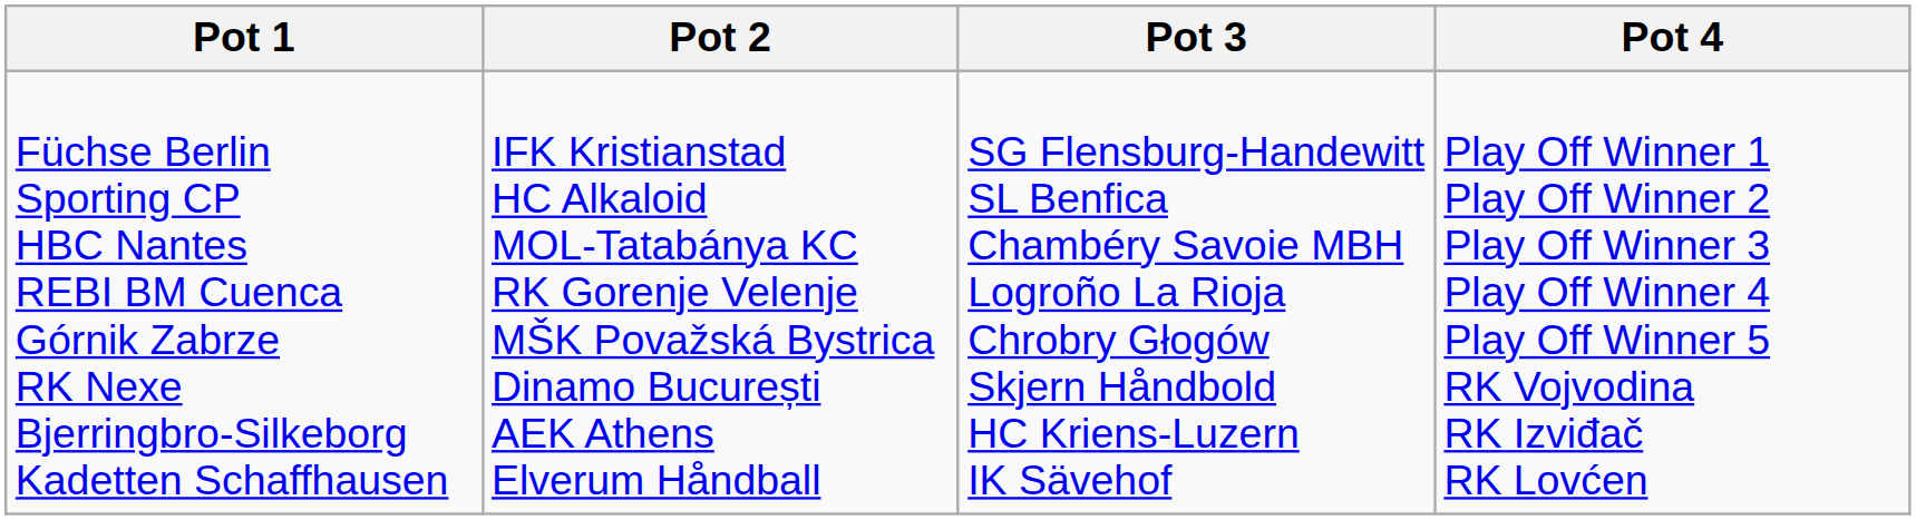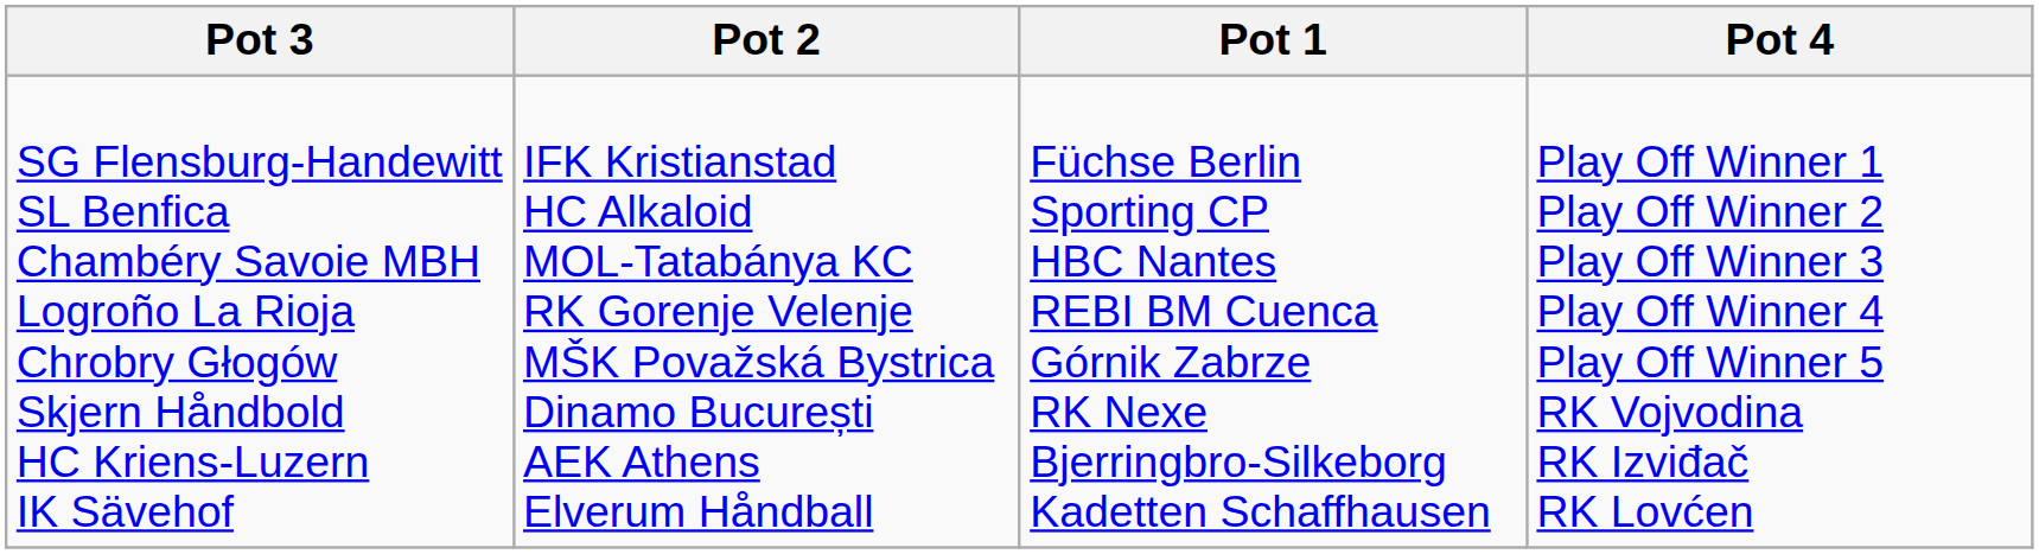 <table class="wikitable">
 <tr>
+<th width=25%>Pot 3</th>
+<th width=25%>Pot 2</th>
 <th width=25%>Pot 1</th>
-<th width=25%>Pot 2</th>
-<th width=25%>Pot 3</th>
 <th width=25%>Pot 4</th>
 </tr>
 <tr>
+<td><br> <a href='#'>SG Flensburg-Handewitt</a><br>  <a href='#'>SL Benfica</a><br>  <a href='#'>Chambéry Savoie MBH</a><br>  <a href='#'>Logroño La Rioja</a><br>  <a href='#'>Chrobry Głogów</a><br>  <a href='#'>Skjern Håndbold</a><br>  <a href='#'>HC Kriens-Luzern</a><br>  <a href='#'>IK Sävehof</a></td>
+<td><br> <a href='#'>IFK Kristianstad</a><br>  <a href='#'>HC Alkaloid</a><br>  <a href='#'>MOL-Tatabánya KC</a><br>  <a href='#'>RK Gorenje Velenje</a><br>  <a href='#'>MŠK Považská Bystrica</a><br>  <a href='#'>Dinamo București</a> <br>  <a href='#'>AEK Athens</a><br>  <a href='#'>Elverum Håndball</a></td>
 <td><br> <a href='#'>Füchse Berlin</a><br>  <a href='#'>Sporting CP</a><br>  <a href='#'>HBC Nantes</a><br>  <a href='#'>REBI BM Cuenca</a><br>  <a href='#'>Górnik Zabrze</a><br>  <a href='#'>RK Nexe</a><br>  <a href='#'>Bjerringbro-Silkeborg</a><br>  <a href='#'>Kadetten Schaffhausen</a></td>
-<td><br> <a href='#'>IFK Kristianstad</a><br>  <a href='#'>HC Alkaloid</a><br>  <a href='#'>MOL-Tatabánya KC</a><br>  <a href='#'>RK Gorenje Velenje</a><br>  <a href='#'>MŠK Považská Bystrica</a><br>  <a href='#'>Dinamo București</a> <br>  <a href='#'>AEK Athens</a><br>  <a href='#'>Elverum Håndball</a></td>
-<td><br> <a href='#'>SG Flensburg-Handewitt</a><br>  <a href='#'>SL Benfica</a><br>  <a href='#'>Chambéry Savoie MBH</a><br>  <a href='#'>Logroño La Rioja</a><br>  <a href='#'>Chrobry Głogów</a><br>  <a href='#'>Skjern Håndbold</a><br>  <a href='#'>HC Kriens-Luzern</a><br>  <a href='#'>IK Sävehof</a></td>
 <td><br> <a href='#'>Play Off Winner 1</a><br>  <a href='#'>Play Off Winner 2</a><br>  <a href='#'>Play Off Winner 3</a><br>  <a href='#'>Play Off Winner 4</a><br>  <a href='#'>Play Off Winner 5</a><br>  <a href='#'>RK Vojvodina</a><br>  <a href='#'>RK Izviđač</a><br>  <a href='#'>RK Lovćen</a></td>
 </tr>
 </table>
